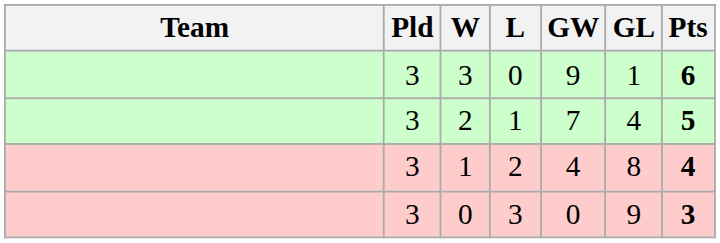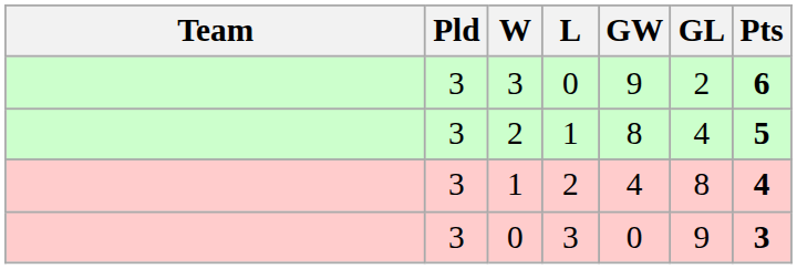 <table class="wikitable" style="text-align:center">
 <tr>
 <th width=200>Team</th>
 <th width=20>Pld</th>
 <th width=20>W</th>
 <th width=20>L</th>
 <th width=20>GW</th>
 <th width=20>GL</th>
 <th width=20>Pts</th>
 </tr>
 <tr bgcolor="ccffcc">
 <td style="text-align:left;"></td>
 <td>3</td>
 <td>3</td>
 <td>0</td>
 <td>9</td>
-<td>1</td>
+<td>2</td>
 <td><strong>6</strong></td>
 </tr>
 <tr bgcolor="ccffcc">
 <td style="text-align:left;"></td>
 <td>3</td>
 <td>2</td>
 <td>1</td>
-<td>7</td>
+<td>8</td>
 <td>4</td>
 <td><strong>5</strong></td>
 </tr>
 <tr bgcolor="ffcccc">
 <td style="text-align:left;"></td>
 <td>3</td>
 <td>1</td>
 <td>2</td>
 <td>4</td>
 <td>8</td>
 <td><strong>4</strong></td>
 </tr>
 <tr bgcolor="ffcccc">
 <td style="text-align:left;"></td>
 <td>3</td>
 <td>0</td>
 <td>3</td>
 <td>0</td>
 <td>9</td>
 <td><strong>3</strong></td>
 </tr>
 </table>
